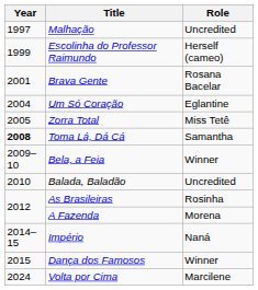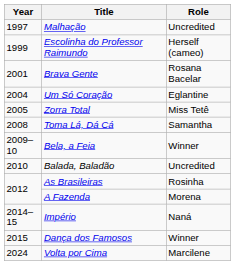 <table class="wikitable sortable">
 <tr>
 <th width=055>Year</th>
 <th width=200>Title</th>
 <th width=100>Role</th>
 </tr>
 <tr>
 <td>1997</td>
 <td><em><a href='#'>Malhação</a></em></td>
 <td>Uncredited</td>
 </tr>
 <tr>
 <td>1999</td>
 <td><em><a href='#'>Escolinha do Professor Raimundo</a></em></td>
 <td>Herself (cameo)</td>
 </tr>
 <tr>
 <td>2001</td>
 <td><em><a href='#'>Brava Gente</a></em></td>
 <td>Rosana Bacelar</td>
 </tr>
 <tr>
 <td>2004</td>
 <td><em><a href='#'>Um Só Coração</a></em></td>
 <td>Eglantine</td>
 </tr>
 <tr>
 <td>2005</td>
 <td><em><a href='#'>Zorra Total</a></em></td>
 <td>Miss Tetê</td>
 </tr>
 <tr>
-<td><strong>2008</strong></td>
+<td>2008</td>
 <td><em><a href='#'>Toma Lá, Dá Cá</a></em></td>
 <td>Samantha</td>
 </tr>
 <tr>
 <td>2009–10</td>
 <td><em><a href='#'>Bela, a Feia</a></em></td>
 <td>Winner</td>
 </tr>
 <tr>
 <td>2010</td>
 <td><em>Balada, Baladão</em></td>
 <td>Uncredited</td>
 </tr>
 <tr>
 <td rowspan=2>2012</td>
 <td><em><a href='#'>As Brasileiras</a></em></td>
 <td>Rosinha</td>
 </tr>
 <tr>
 <td><em><a href='#'>A Fazenda</a></em></td>
 <td>Morena</td>
 </tr>
 <tr>
 <td>2014–15</td>
 <td><em><a href='#'>Império</a></em></td>
 <td>Naná</td>
 </tr>
 <tr>
 <td>2015</td>
 <td><em><a href='#'>Dança dos Famosos</a></em></td>
 <td>Winner</td>
 </tr>
 <tr>
 <td>2024</td>
 <td><em><a href='#'>Volta por Cima</a></em></td>
 <td>Marcilene</td>
 </tr>
 </table>
